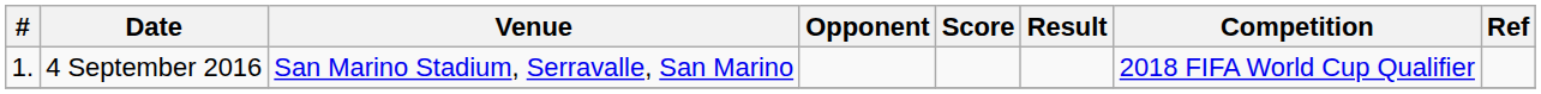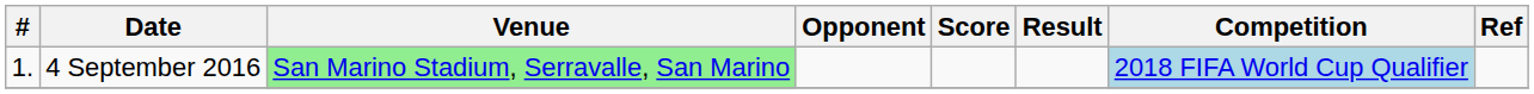 <table class="wikitable" style="font-size:95%;">
 <tr>
 <th>#</th>
 <th>Date</th>
 <th>Venue</th>
 <th>Opponent</th>
 <th>Score</th>
 <th>Result</th>
 <th>Competition</th>
 <th>Ref</th>
 </tr>
 <tr>
 <td>1.</td>
 <td>4 September 2016</td>
-<td><a href='#'>San Marino Stadium</a>, <a href='#'>Serravalle</a>, <a href='#'>San Marino</a></td>
+<td style="background: lightgreen;"><a href='#'>San Marino Stadium</a>, <a href='#'>Serravalle</a>, <a href='#'>San Marino</a></td>
 <td></td>
 <td></td>
 <td></td>
-<td><a href='#'>2018 FIFA World Cup Qualifier</a></td>
+<td style="background: lightblue;"><a href='#'>2018 FIFA World Cup Qualifier</a></td>
 <td></td>
 </tr>
 <tr>
 </tr>
 </table>
